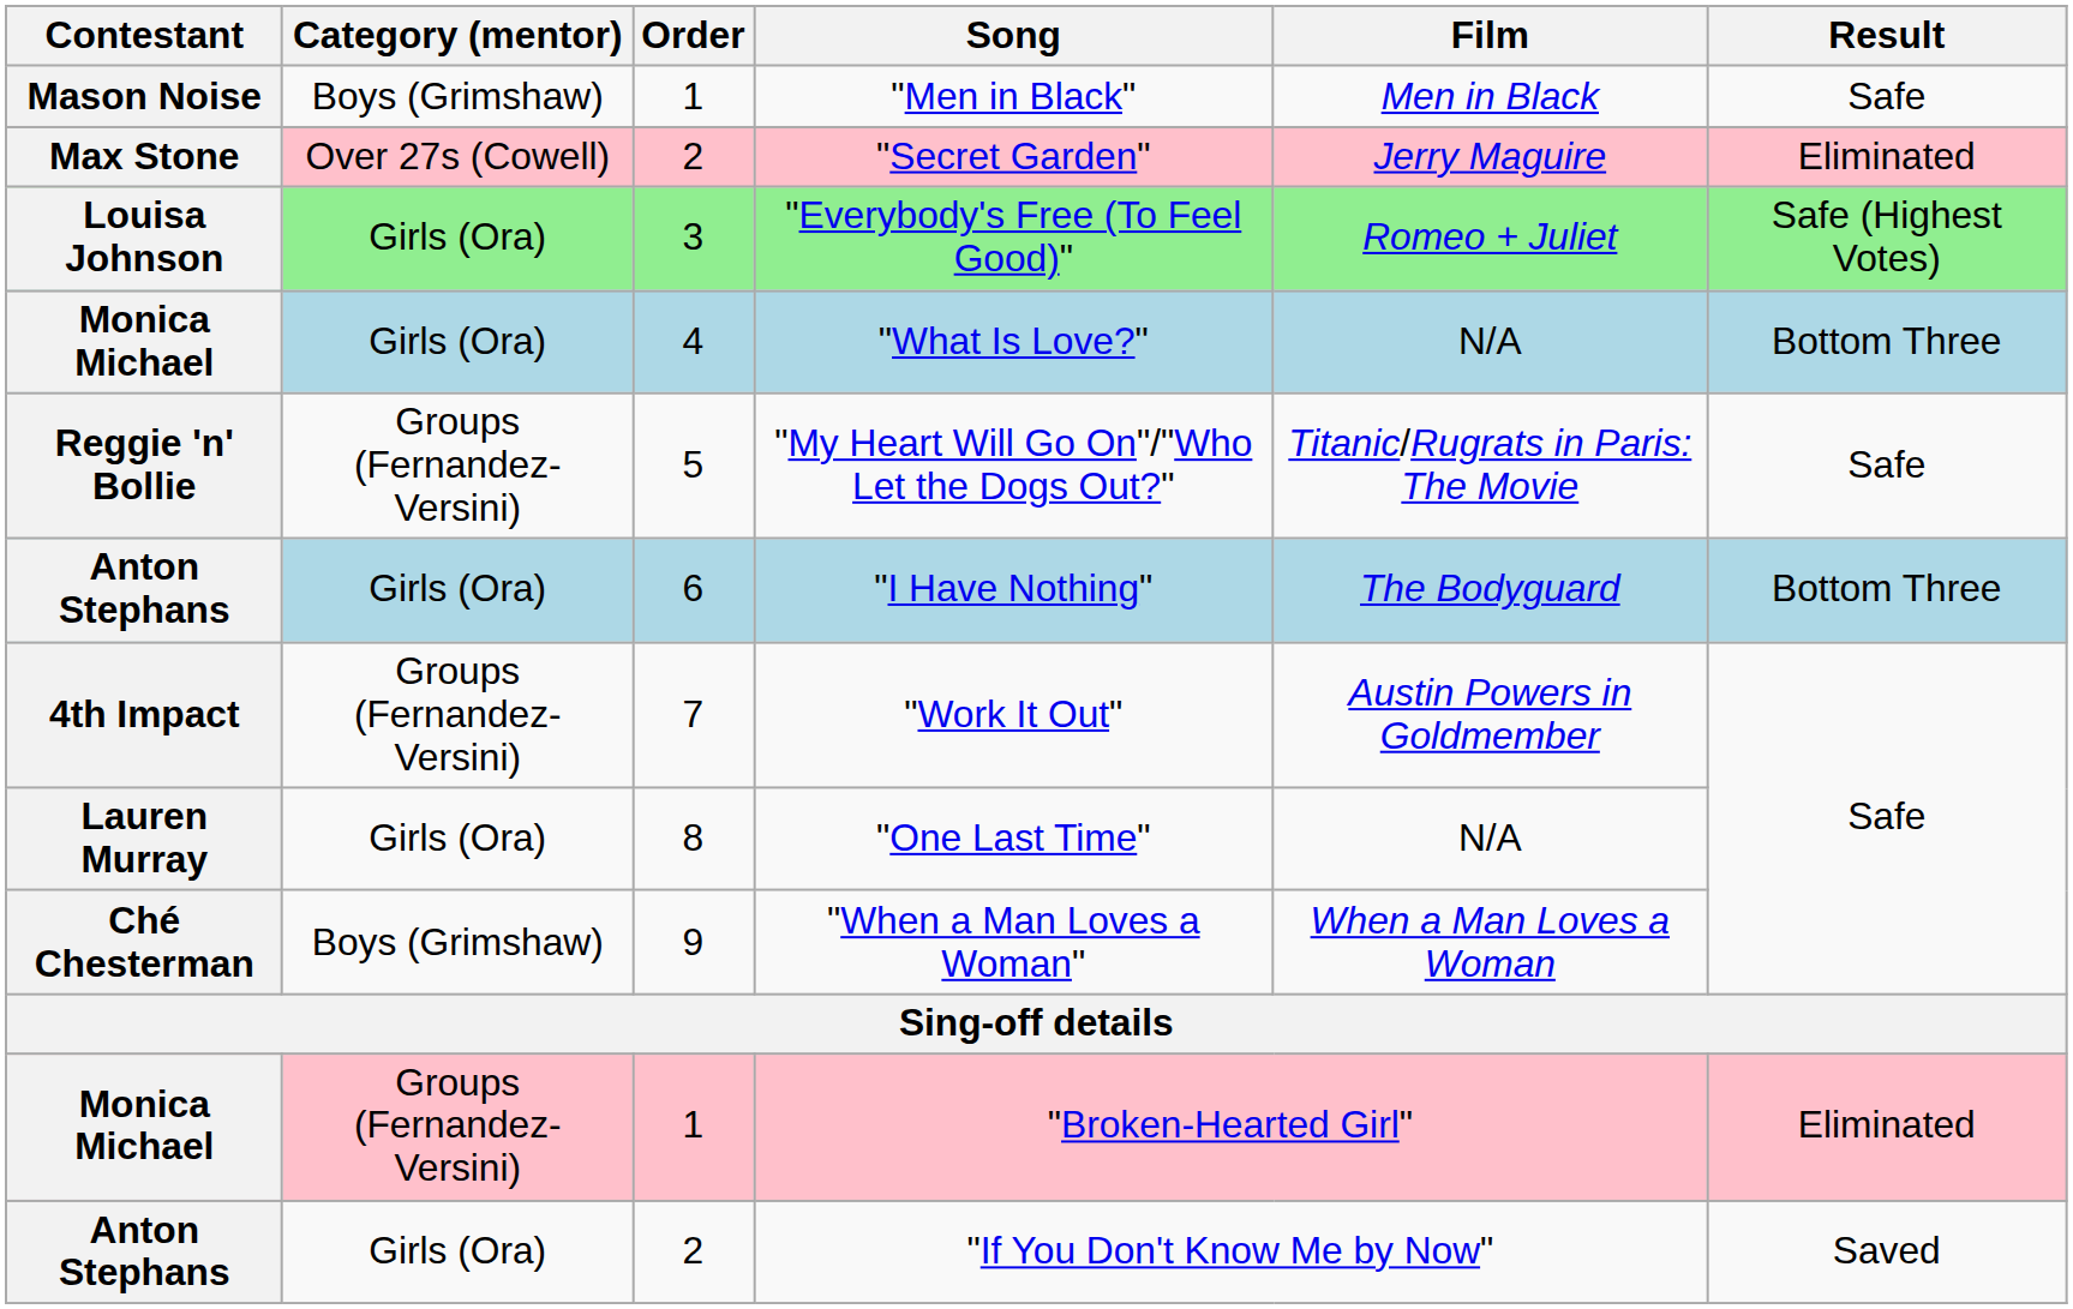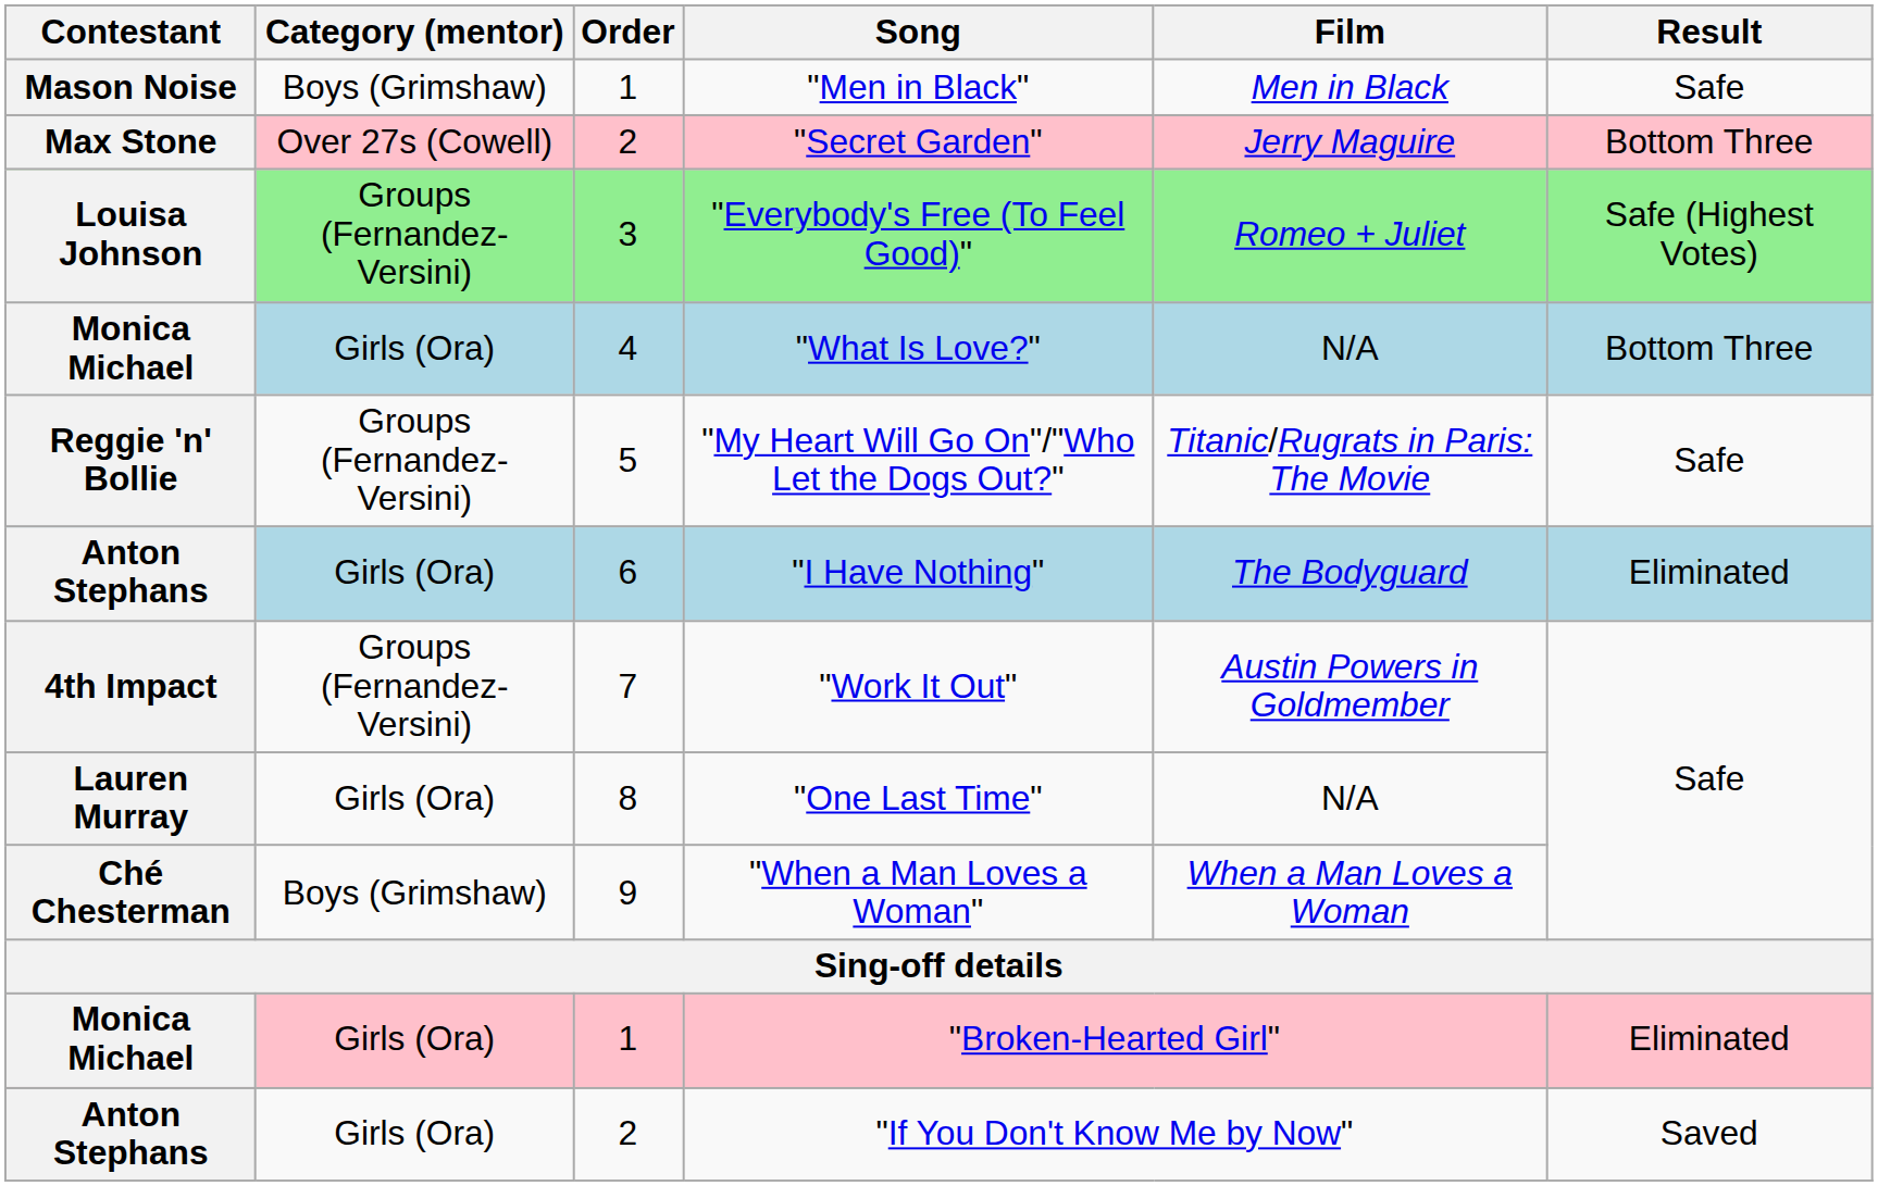 <table class="wikitable plainrowheaders" style="text-align:center;">
 <tr>
 <th scope="col">Contestant</th>
 <th scope="col">Category (mentor)</th>
 <th scope="col">Order</th>
 <th scope="col">Song</th>
 <th scope="col">Film</th>
 <th scope="col" style="width:9em;">Result</th>
 </tr>
 <tr>
 <th scope="row">Mason Noise</th>
 <td>Boys (Grimshaw)</td>
 <td>1</td>
 <td>"<a href='#'>Men in Black</a>"</td>
 <td><em><a href='#'>Men in Black</a></em></td>
 <td>Safe</td>
 </tr>
 <tr style="background:pink;">
 <th scope="row">Max Stone</th>
 <td>Over 27s (Cowell)</td>
 <td>2</td>
 <td>"<a href='#'>Secret Garden</a>"</td>
 <td><em><a href='#'>Jerry Maguire</a></em></td>
-<td>Eliminated</td>
+<td>Bottom Three</td>
 </tr>
 <tr style="background:lightgreen;">
 <th scope="row">Louisa Johnson</th>
-<td>Girls (Ora)</td>
+<td>Groups (Fernandez-Versini)</td>
 <td>3</td>
 <td>"<a href='#'>Everybody's Free (To Feel Good)</a>"</td>
 <td><em><a href='#'>Romeo + Juliet</a></em></td>
 <td>Safe (Highest Votes)</td>
 </tr>
 <tr style="background:lightblue;">
 <th scope="row">Monica Michael</th>
 <td>Girls (Ora)</td>
 <td>4</td>
 <td>"<a href='#'>What Is Love?</a>"</td>
 <td>N/A</td>
 <td>Bottom Three</td>
 </tr>
 <tr>
 <th scope="row">Reggie 'n' Bollie</th>
 <td>Groups (Fernandez-Versini)</td>
 <td>5</td>
 <td>"<a href='#'>My Heart Will Go On</a>"/"<a href='#'>Who Let the Dogs Out?</a>"</td>
 <td><em><a href='#'>Titanic</a></em>/<em><a href='#'>Rugrats in Paris: The Movie</a></em></td>
 <td>Safe</td>
 </tr>
 <tr style="background:lightblue;">
 <th scope="row">Anton Stephans</th>
 <td>Girls (Ora)</td>
 <td>6</td>
 <td>"<a href='#'>I Have Nothing</a>"</td>
 <td><em><a href='#'>The Bodyguard</a></em></td>
-<td>Bottom Three</td>
+<td>Eliminated</td>
 </tr>
 <tr>
 <th scope="row">4th Impact</th>
 <td>Groups (Fernandez-Versini)</td>
 <td>7</td>
 <td>"<a href='#'>Work It Out</a>"</td>
 <td><em><a href='#'>Austin Powers in Goldmember</a></em></td>
 <td rowspan=3>Safe</td>
 </tr>
 <tr>
 <th scope="row">Lauren Murray</th>
 <td>Girls (Ora)</td>
 <td>8</td>
 <td>"<a href='#'>One Last Time</a>"</td>
 <td>N/A</td>
 </tr>
 <tr>
 <th scope="row">Ché Chesterman</th>
 <td>Boys (Grimshaw)</td>
 <td>9</td>
 <td>"<a href='#'>When a Man Loves a Woman</a>"</td>
 <td><em><a href='#'>When a Man Loves a Woman</a></em></td>
 </tr>
 <tr>
 <th colspan=6>Sing-off details</th>
 </tr>
 <tr style="background:pink;">
 <th scope="row">Monica Michael</th>
-<td>Groups (Fernandez-Versini)</td>
+<td>Girls (Ora)</td>
 <td>1</td>
 <td colspan=2>"<a href='#'>Broken-Hearted Girl</a>"</td>
 <td>Eliminated</td>
 </tr>
 <tr>
 <th scope="row">Anton Stephans</th>
 <td>Girls (Ora)</td>
 <td>2</td>
 <td colspan=2>"<a href='#'>If You Don't Know Me by Now</a>"</td>
 <td>Saved</td>
 </tr>
 </table>
